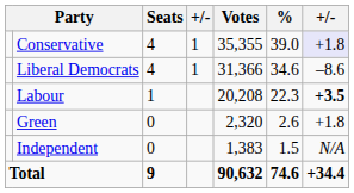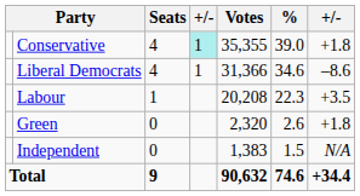 <table class="wikitable sortable">
 <tr>
 <th colspan="2">Party</th>
 <th>Seats</th>
 <th>+/-</th>
 <th>Votes</th>
 <th>%</th>
 <th>+/-</th>
 </tr>
 <tr>
 <td style="background-color: "></td>
 <td><a href='#'>Conservative</a></td>
 <td>4</td>
-<td> 1</td>
+<td style="background: paleturquoise;"> 1</td>
 <td style="text-align:right;">35,355</td>
 <td style="text-align:right;">39.0</td>
-<td style="background: lavender; text-align:right;">+1.8</td>
+<td style="text-align:right;">+1.8</td>
 </tr>
 <tr>
 <td style="background-color: "></td>
 <td><a href='#'>Liberal Democrats</a></td>
 <td>4</td>
 <td> 1</td>
 <td style="text-align:right;">31,366</td>
 <td style="text-align:right;">34.6</td>
 <td style="text-align:right;">–8.6</td>
 </tr>
 <tr>
 <td style="background-color: "></td>
 <td><a href='#'>Labour</a></td>
 <td>1</td>
 <td></td>
 <td style="text-align:right;">20,208</td>
 <td style="text-align:right;">22.3</td>
-<td style="text-align:right;"><strong>+3.5</strong></td>
+<td style="text-align:right;">+3.5</td>
 </tr>
 <tr>
 <td style="background-color: "></td>
 <td><a href='#'>Green</a></td>
 <td>0</td>
 <td></td>
 <td style="text-align:right;">2,320</td>
 <td style="text-align:right;">2.6</td>
 <td style="text-align:right;">+1.8</td>
 </tr>
 <tr>
 <td style="background-color: "></td>
 <td><a href='#'>Independent</a></td>
 <td>0</td>
 <td></td>
 <td style="text-align:right;">1,383</td>
 <td style="text-align:right;">1.5</td>
 <td style="text-align:right;"><em>N/A</em></td>
 </tr>
 <tr>
 <td colspan="2"><strong>Total</strong></td>
 <td><strong>9</strong></td>
 <td></td>
 <td style="text-align:right;"><strong>90,632</strong></td>
 <td style="text-align:right;"><strong>74.6</strong></td>
 <td style="text-align:right;"><strong>+34.4</strong></td>
 </tr>
 </table>
